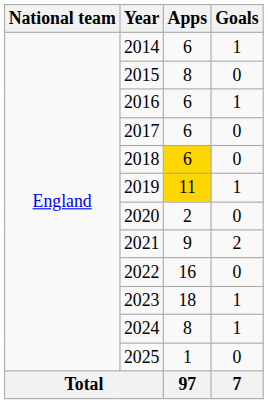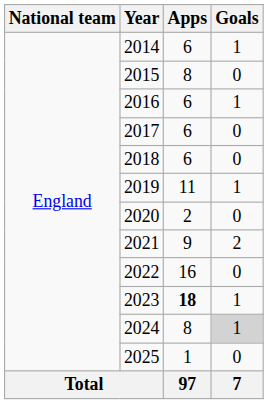 <table class="wikitable" style="text-align:center">
 <tr>
 <th>National team</th>
 <th>Year</th>
 <th>Apps</th>
 <th>Goals</th>
 </tr>
 <tr>
 <td rowspan="12"><a href='#'>England</a></td>
 <td>2014</td>
 <td>6</td>
 <td>1</td>
 </tr>
 <tr>
 <td>2015</td>
 <td>8</td>
 <td>0</td>
 </tr>
 <tr>
 <td>2016</td>
 <td>6</td>
 <td>1</td>
 </tr>
 <tr>
 <td>2017</td>
 <td>6</td>
 <td>0</td>
 </tr>
 <tr>
 <td>2018</td>
-<td style="background: gold;">6</td>
+<td>6</td>
 <td>0</td>
 </tr>
 <tr>
 <td>2019</td>
-<td style="background: gold;">11</td>
+<td>11</td>
 <td>1</td>
 </tr>
 <tr>
 <td>2020</td>
 <td>2</td>
 <td>0</td>
 </tr>
 <tr>
 <td>2021</td>
 <td>9</td>
 <td>2</td>
 </tr>
 <tr>
 <td>2022</td>
 <td>16</td>
 <td>0</td>
 </tr>
 <tr>
 <td>2023</td>
-<td>18</td>
+<td><strong>18</strong></td>
 <td>1</td>
 </tr>
 <tr>
 <td>2024</td>
 <td>8</td>
-<td>1</td>
+<td style="background: lightgrey;">1</td>
 </tr>
 <tr>
 <td>2025</td>
 <td>1</td>
 <td>0</td>
 </tr>
 <tr>
 <th colspan="2">Total</th>
 <th>97</th>
 <th>7</th>
 </tr>
 </table>
